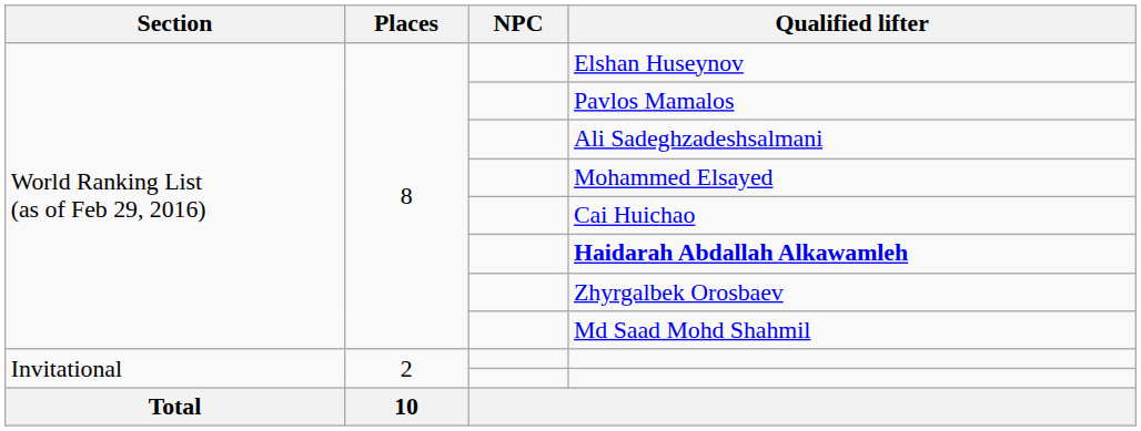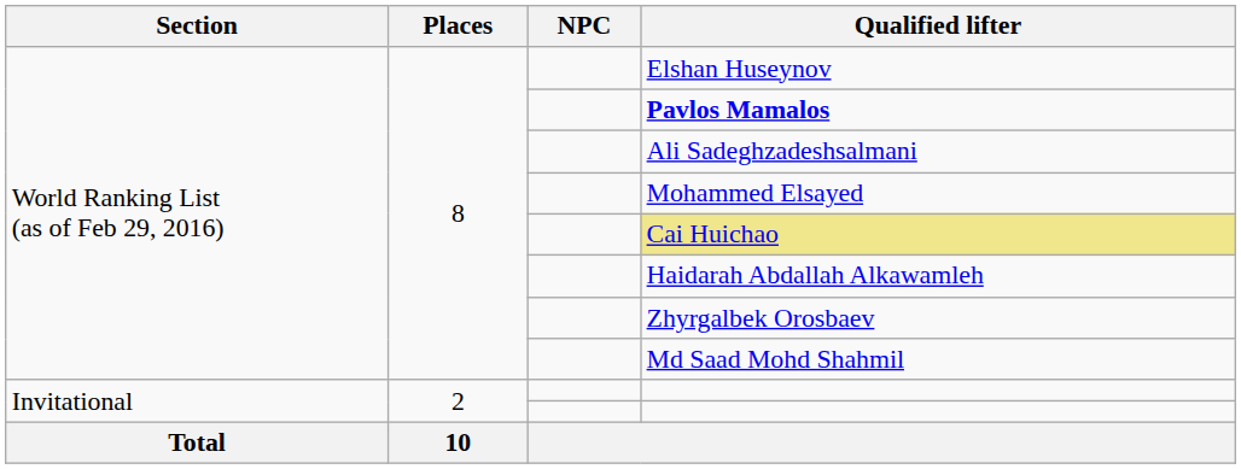 <table class="wikitable"  width=750>
 <tr>
 <th>Section</th>
 <th>Places</th>
 <th>NPC</th>
 <th>Qualified lifter</th>
 </tr>
 <tr>
 <td rowspan=8>World Ranking List<br>(as of Feb 29, 2016)</td>
 <td rowspan=8 align=center>8</td>
 <td></td>
 <td><a href='#'>Elshan Huseynov</a></td>
 </tr>
 <tr>
 <td></td>
-<td><a href='#'>Pavlos Mamalos</a></td>
+<td><strong><a href='#'>Pavlos Mamalos</a></strong></td>
 </tr>
 <tr>
 <td></td>
 <td><a href='#'>Ali Sadeghzadeshsalmani</a></td>
 </tr>
 <tr>
 <td></td>
 <td><a href='#'>Mohammed Elsayed</a></td>
 </tr>
 <tr>
 <td></td>
-<td><a href='#'>Cai Huichao</a></td>
+<td style="background: khaki;"><a href='#'>Cai Huichao</a></td>
 </tr>
 <tr>
 <td></td>
-<td><strong><a href='#'>Haidarah Abdallah Alkawamleh</a></strong></td>
+<td><a href='#'>Haidarah Abdallah Alkawamleh</a></td>
 </tr>
 <tr>
 <td></td>
 <td><a href='#'>Zhyrgalbek Orosbaev</a></td>
 </tr>
 <tr>
 <td></td>
 <td><a href='#'>Md Saad Mohd Shahmil</a></td>
 </tr>
 <tr>
 <td rowspan=2>Invitational</td>
 <td rowspan="2" align=center>2</td>
 <td></td>
 <td></td>
 </tr>
 <tr>
 <td></td>
 <td></td>
 </tr>
 <tr>
 <th>Total</th>
 <th>10</th>
 <th colspan=2></th>
 </tr>
 </table>
